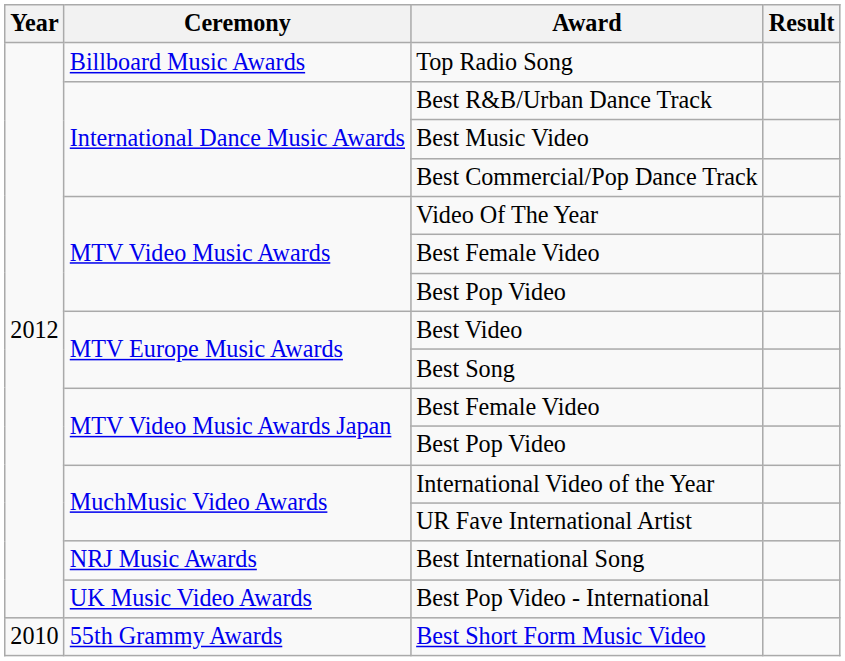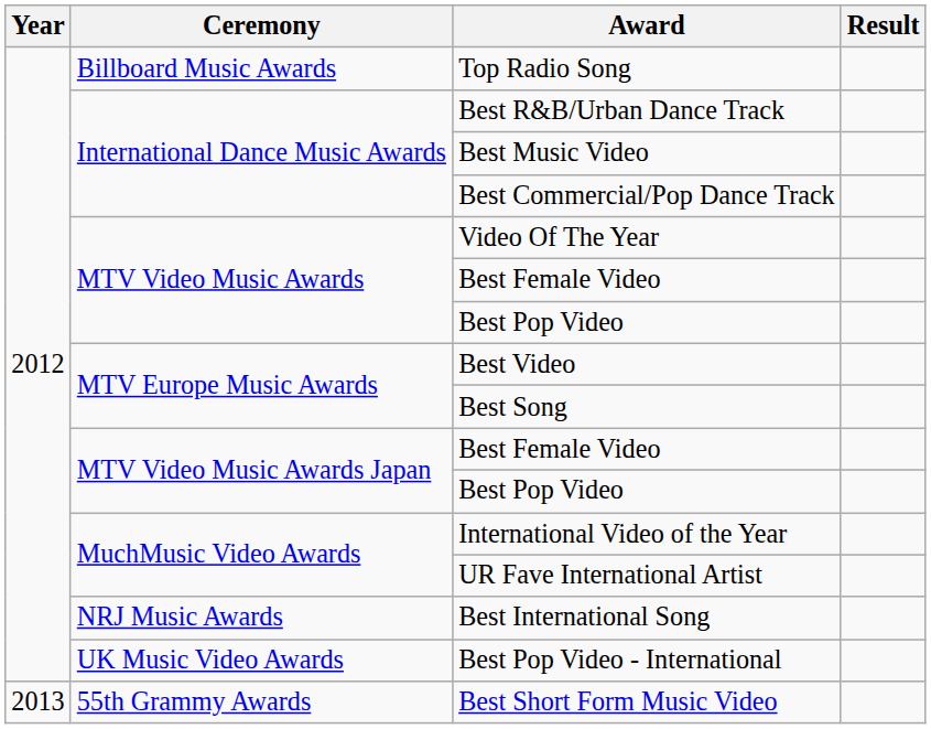 <table class="wikitable">
 <tr>
 <th>Year</th>
 <th>Ceremony</th>
 <th>Award</th>
 <th>Result</th>
 </tr>
 <tr>
 <td rowspan="15">2012</td>
 <td><a href='#'>Billboard Music Awards</a></td>
 <td>Top Radio Song</td>
 <td></td>
 </tr>
 <tr>
 <td rowspan="3"><a href='#'>International Dance Music Awards</a></td>
 <td>Best R&B/Urban Dance Track</td>
 <td></td>
 </tr>
 <tr>
 <td>Best Music Video</td>
 <td></td>
 </tr>
 <tr>
 <td>Best Commercial/Pop Dance Track</td>
 <td></td>
 </tr>
 <tr>
 <td rowspan="3"><a href='#'>MTV Video Music Awards</a></td>
 <td>Video Of The Year</td>
 <td></td>
 </tr>
 <tr>
 <td>Best Female Video</td>
 <td></td>
 </tr>
 <tr>
 <td>Best Pop Video</td>
 <td></td>
 </tr>
 <tr>
 <td rowspan="2"><a href='#'>MTV Europe Music Awards</a></td>
 <td>Best Video</td>
 <td></td>
 </tr>
 <tr>
 <td>Best Song</td>
 <td></td>
 </tr>
 <tr>
 <td rowspan="2"><a href='#'>MTV Video Music Awards Japan</a></td>
 <td>Best Female Video</td>
 <td></td>
 </tr>
 <tr>
 <td>Best Pop Video</td>
 <td></td>
 </tr>
 <tr>
 <td rowspan="2"><a href='#'>MuchMusic Video Awards</a></td>
 <td>International Video of the Year</td>
 <td></td>
 </tr>
 <tr>
 <td>UR Fave International Artist</td>
 <td></td>
 </tr>
 <tr>
 <td><a href='#'>NRJ Music Awards</a></td>
 <td>Best International Song</td>
 <td></td>
 </tr>
 <tr>
 <td><a href='#'>UK Music Video Awards</a></td>
 <td>Best Pop Video - International</td>
 <td></td>
 </tr>
 <tr>
-<td>2010</td>
+<td>2013</td>
 <td><a href='#'>55th Grammy Awards</a></td>
 <td><a href='#'>Best Short Form Music Video</a></td>
 <td></td>
 </tr>
 </table>
